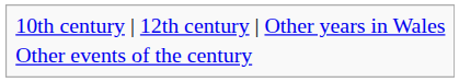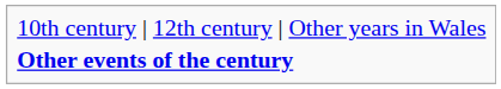 <table class="infobox" id="toc">
 <tr>
 <td align="left"><a href='#'>10th century</a> | <a href='#'>12th century</a> | <a href='#'>Other years in Wales</a></td>
 </tr>
 <tr>
-<td><a href='#'>Other events of the century</a></td>
+<td><strong><a href='#'>Other events of the century</a></strong></td>
 </tr>
 </table>
